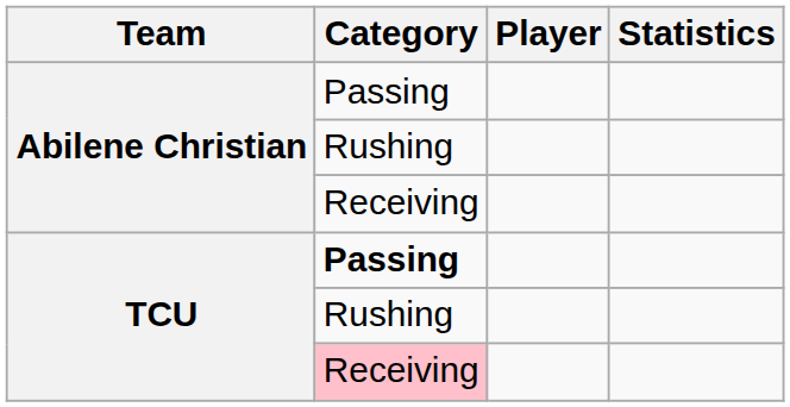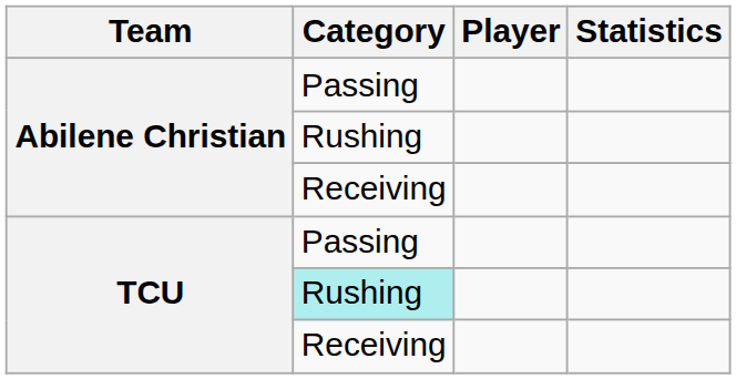 <table class="wikitable" style="float:right">
 <tr>
 <th>Team</th>
 <th>Category</th>
 <th>Player</th>
 <th>Statistics</th>
 </tr>
 <tr>
 <th rowspan=3>Abilene Christian</th>
 <td>Passing</td>
 <td></td>
 <td></td>
 </tr>
 <tr>
 <td>Rushing</td>
 <td></td>
 <td></td>
 </tr>
 <tr>
 <td>Receiving</td>
 <td></td>
 <td></td>
 </tr>
 <tr>
 <th rowspan=3>TCU</th>
-<td><strong>Passing</strong></td>
+<td>Passing</td>
 <td></td>
 <td></td>
 </tr>
 <tr>
-<td>Rushing</td>
+<td style="background: paleturquoise;">Rushing</td>
 <td></td>
 <td></td>
 </tr>
 <tr>
-<td style="background: pink;">Receiving</td>
+<td>Receiving</td>
 <td></td>
 <td></td>
 </tr>
 </table>
